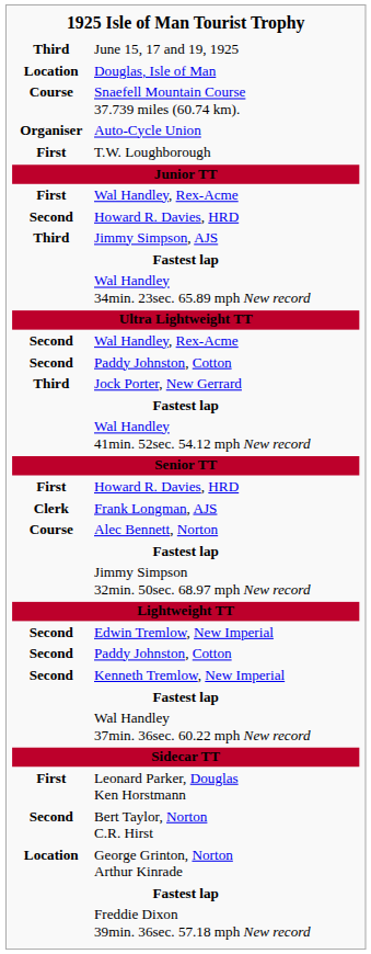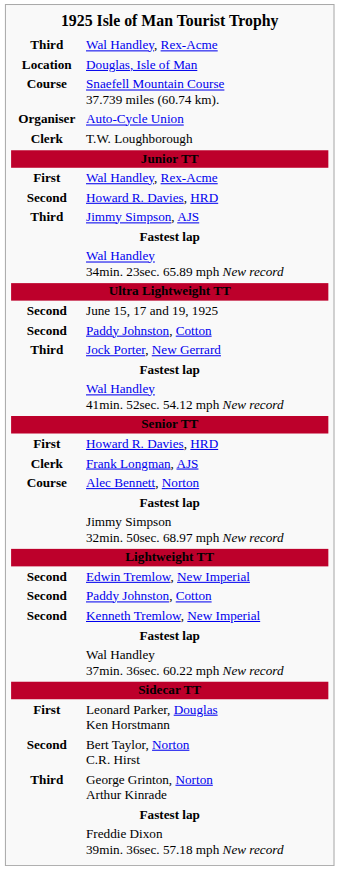 <table class="infobox" style="width:25em; font-size:80%;">
 <tr>
 <th colspan="2"  style="background:; text-align:center;"><big><span>1925 Isle of Man Tourist Trophy</span></big></th>
 </tr>
 <tr>
 <th colspan="2"></th>
 </tr>
 <tr>
 <th>Third</th>
-<td valign="top">June 15, 17 and 19, 1925</td>
+<td valign="top"><a href='#'>Wal Handley</a>, <a href='#'>Rex-Acme</a></td>
 </tr>
 <tr>
 <th>Location</th>
 <td valign="top"><a href='#'>Douglas, Isle of Man</a></td>
 </tr>
 <tr>
 <th>Course</th>
 <td valign="top"><a href='#'>Snaefell Mountain Course</a> <br>  37.739 miles (60.74 km).</td>
 </tr>
 <tr>
 <th>Organiser</th>
 <td valign="top"><a href='#'>Auto-Cycle Union</a></td>
 </tr>
 <tr>
-<th>First</th>
+<th>Clerk</th>
 <td valign="top">T.W. Loughborough</td>
 </tr>
 <tr>
 <th colspan="2"  style="background:#bd002b; text-align:center;"><span>Junior TT</span></th>
 </tr>
 <tr>
 <th>First</th>
 <td valign="top"><a href='#'>Wal Handley</a>, <a href='#'>Rex-Acme</a></td>
 </tr>
 <tr>
 <th>Second</th>
 <td valign="top"><a href='#'>Howard R. Davies</a>, <a href='#'>HRD</a></td>
 </tr>
 <tr>
 <th>Third</th>
 <td valign="top"><a href='#'>Jimmy Simpson</a>, <a href='#'>AJS</a></td>
 </tr>
 <tr>
 <th colspan="2"  style="background:#; text-align:center;"><span>Fastest lap</span></th>
 </tr>
 <tr>
 <th></th>
 <td valign="top"><a href='#'>Wal Handley</a> <br> 34min. 23sec. 65.89 mph <em>New record</em></td>
 </tr>
 <tr>
 <th colspan="2"  style="background:#bd002b; text-align:center;"><span>Ultra Lightweight TT</span></th>
 </tr>
 <tr>
 <th>Second</th>
-<td valign="top"><a href='#'>Wal Handley</a>, <a href='#'>Rex-Acme</a></td>
+<td valign="top">June 15, 17 and 19, 1925</td>
 </tr>
 <tr>
 <th>Second</th>
 <td valign="top"><a href='#'>Paddy Johnston</a>, <a href='#'>Cotton</a></td>
 </tr>
 <tr>
 <th>Third</th>
 <td valign="top"><a href='#'>Jock Porter</a>, <a href='#'>New Gerrard</a></td>
 </tr>
 <tr>
 <th colspan="2"  style="background:#; text-align:center;"><span>Fastest lap</span></th>
 </tr>
 <tr>
 <th></th>
 <td valign="top"><a href='#'>Wal Handley</a> <br> 41min. 52sec. 54.12 mph <em>New record</em></td>
 </tr>
 <tr>
 <th colspan="2"  style="background:#bd002b; text-align:center;"><span>Senior TT</span></th>
 </tr>
 <tr>
 <th>First</th>
 <td valign="top"><a href='#'>Howard R. Davies</a>, <a href='#'>HRD</a></td>
 </tr>
 <tr>
 <th>Clerk</th>
 <td valign="top"><a href='#'>Frank Longman</a>, <a href='#'>AJS</a></td>
 </tr>
 <tr>
 <th>Course</th>
 <td valign="top"><a href='#'>Alec Bennett</a>, <a href='#'>Norton</a></td>
 </tr>
 <tr>
 <th colspan="2"  style="background:#; text-align:center;"><span>Fastest lap</span></th>
 </tr>
 <tr>
 <th></th>
 <td valign="top">Jimmy Simpson <br> 32min. 50sec. 68.97 mph <em>New record</em></td>
 </tr>
 <tr>
 <th colspan="2"  style="background:#bd002b; text-align:center;"><span>Lightweight TT</span></th>
 </tr>
 <tr>
 <th>Second</th>
 <td valign="top"><a href='#'>Edwin Tremlow</a>, <a href='#'>New Imperial</a></td>
 </tr>
 <tr>
 <th>Second</th>
 <td valign="top"><a href='#'>Paddy Johnston</a>, <a href='#'>Cotton</a></td>
 </tr>
 <tr>
 <th>Second</th>
 <td valign="top"><a href='#'>Kenneth Tremlow</a>, <a href='#'>New Imperial</a></td>
 </tr>
 <tr>
 <th colspan="2"  style="background:#; text-align:center;"><span>Fastest lap</span></th>
 </tr>
 <tr>
 <th></th>
 <td valign="top">Wal Handley <br> 37min. 36sec. 60.22 mph <em>New record</em></td>
 </tr>
 <tr>
 <th colspan="2"  style="background:#bd002b; text-align:center;"><span>Sidecar TT</span></th>
 </tr>
 <tr>
 <th>First</th>
 <td valign="top">Leonard Parker, <a href='#'>Douglas</a> <br> Ken Horstmann</td>
 </tr>
 <tr>
 <th>Second</th>
 <td valign="top">Bert Taylor, <a href='#'>Norton</a> <br> C.R. Hirst</td>
 </tr>
 <tr>
-<th>Location</th>
+<th>Third</th>
 <td valign="top">George Grinton, <a href='#'>Norton</a> <br> Arthur Kinrade</td>
 </tr>
 <tr>
 <th colspan="2"  style="background:#; text-align:center;"><span>Fastest lap</span></th>
 </tr>
 <tr>
 <th></th>
 <td valign="top">Freddie Dixon <br> 39min. 36sec. 57.18 mph <em>New record</em></td>
 </tr>
 <tr>
 </tr>
 </table>
